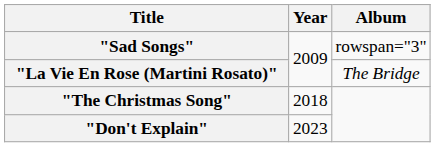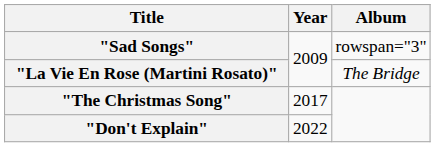 <table class="wikitable plainrowheaders" style="text-align:center;" border="1">
 <tr>
 <th scope="col" style="width:16em;">Title</th>
 <th scope="col">Year</th>
 <th scope="col">Album</th>
 </tr>
 <tr>
 <th scope="row">"Sad Songs"</th>
 <td rowspan="2">2009</td>
 <td>rowspan="3" </td>
 </tr>
 <tr>
 <th scope="row">"La Vie En Rose (Martini Rosato)"</th>
 <td><em>The Bridge</em></td>
 </tr>
 <tr>
 <th scope="row">"The Christmas Song"</th>
-<td rowspan="1">2018</td>
+<td rowspan="1">2017</td>
 </tr>
 <tr>
 <th scope="row">"Don't Explain"</th>
-<td rowspan="1">2023</td>
+<td rowspan="1">2022</td>
 </tr>
 </table>
